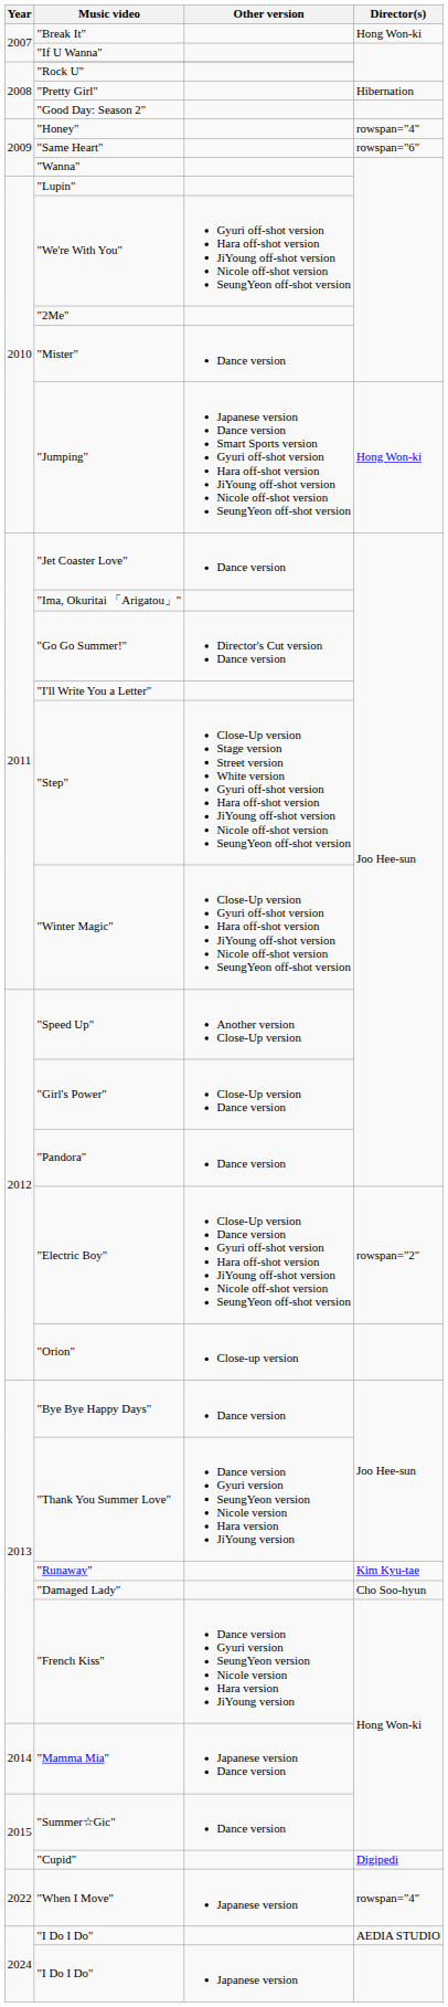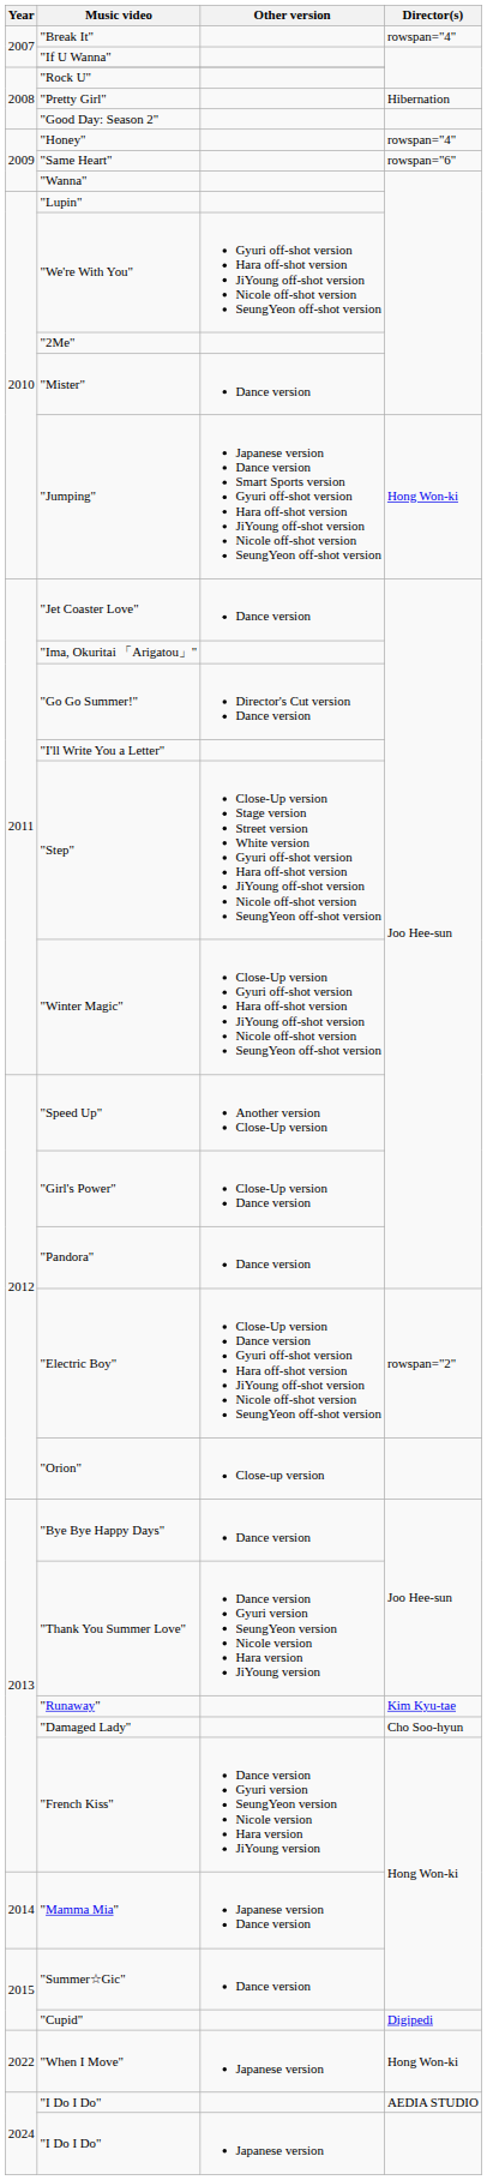 <table class="wikitable">
 <tr>
 <th>Year</th>
 <th>Music video</th>
 <th>Other version</th>
 <th>Director(s)</th>
 </tr>
 <tr>
 <td rowspan="2">2007</td>
 <td>"Break It"</td>
 <td></td>
-<td>Hong Won-ki</td>
+<td>rowspan="4" </td>
 </tr>
 <tr>
 <td>"If U Wanna"</td>
 <td></td>
 </tr>
 <tr>
 <td rowspan="4">2008</td>
 </tr>
 <tr>
 <td>"Rock U"</td>
 <td></td>
 </tr>
 <tr>
 <td>"Pretty Girl"</td>
 <td></td>
 <td>Hibernation</td>
 </tr>
 <tr>
 <td>"Good Day: Season 2"</td>
 <td></td>
 <td></td>
 </tr>
 <tr>
 <td rowspan="3">2009</td>
 <td>"Honey"</td>
 <td></td>
 <td>rowspan="4" </td>
 </tr>
 <tr>
 <td>"Same Heart"</td>
 <td></td>
 <td>rowspan="6" </td>
 </tr>
 <tr>
 <td>"Wanna"</td>
 <td></td>
 </tr>
 <tr>
 <td rowspan="5">2010</td>
 <td>"Lupin"</td>
 <td></td>
 </tr>
 <tr>
 <td>"We're With You"</td>
 <td><br><ul><li>Gyuri off-shot version</li><li>Hara off-shot version</li><li>JiYoung off-shot version</li><li>Nicole off-shot version</li><li>SeungYeon off-shot version</li></ul></td>
 </tr>
 <tr>
 <td>"2Me"</td>
 <td></td>
 </tr>
 <tr>
 <td>"Mister"</td>
 <td><br><ul><li>Dance version</li></ul></td>
 </tr>
 <tr>
 <td>"Jumping"</td>
 <td><br><ul><li>Japanese version</li><li>Dance version</li><li>Smart Sports version</li><li>Gyuri off-shot version</li><li>Hara off-shot version</li><li>JiYoung off-shot version</li><li>Nicole off-shot version</li><li>SeungYeon off-shot version</li></ul></td>
 <td><a href='#'>Hong Won-ki</a></td>
 </tr>
 <tr>
 <td rowspan="6">2011</td>
 <td>"Jet Coaster Love"</td>
 <td><br><ul><li>Dance version</li></ul></td>
 <td rowspan="9">Joo Hee-sun</td>
 </tr>
 <tr>
 <td>"Ima, Okuritai 「Arigatou」"</td>
 <td></td>
 </tr>
 <tr>
 <td>"Go Go Summer!"</td>
 <td><br><ul><li>Director's Cut version</li><li>Dance version</li></ul></td>
 </tr>
 <tr>
 <td>"I'll Write You a Letter"</td>
 <td></td>
 </tr>
 <tr>
 <td>"Step"</td>
 <td><br><ul><li>Close-Up version</li><li>Stage version</li><li>Street version</li><li>White version</li><li>Gyuri off-shot version</li><li>Hara off-shot version</li><li>JiYoung off-shot version</li><li>Nicole off-shot version</li><li>SeungYeon off-shot version</li></ul></td>
 </tr>
 <tr>
 <td>"Winter Magic"</td>
 <td><br><ul><li>Close-Up version</li><li>Gyuri off-shot version</li><li>Hara off-shot version</li><li>JiYoung off-shot version</li><li>Nicole off-shot version</li><li>SeungYeon off-shot version</li></ul></td>
 </tr>
 <tr>
 <td rowspan="5">2012</td>
 <td>"Speed Up"</td>
 <td><br><ul><li>Another version</li><li>Close-Up version</li></ul></td>
 </tr>
 <tr>
 <td>"Girl's Power"</td>
 <td><br><ul><li>Close-Up version</li><li>Dance version</li></ul></td>
 </tr>
 <tr>
 <td>"Pandora"</td>
 <td><br><ul><li>Dance version</li></ul></td>
 </tr>
 <tr>
 <td>"Electric Boy"</td>
 <td><br><ul><li>Close-Up version</li><li>Dance version</li><li>Gyuri off-shot version</li><li>Hara off-shot version</li><li>JiYoung off-shot version</li><li>Nicole off-shot version</li><li>SeungYeon off-shot version</li></ul></td>
 <td>rowspan="2" </td>
 </tr>
 <tr>
 <td>"Orion"</td>
 <td><br><ul><li>Close-up version</li></ul></td>
 </tr>
 <tr>
 <td rowspan="5">2013</td>
 <td>"Bye Bye Happy Days"</td>
 <td><br><ul><li>Dance version</li></ul></td>
 <td rowspan="2">Joo Hee-sun</td>
 </tr>
 <tr>
 <td>"Thank You Summer Love"</td>
 <td><br><ul><li>Dance version</li><li>Gyuri version</li><li>SeungYeon version</li><li>Nicole version</li><li>Hara version</li><li>JiYoung version</li></ul></td>
 </tr>
 <tr>
 <td>"<a href='#'>Runaway</a>"</td>
 <td></td>
 <td><a href='#'>Kim Kyu-tae</a></td>
 </tr>
 <tr>
 <td>"Damaged Lady"</td>
 <td></td>
 <td>Cho Soo-hyun</td>
 </tr>
 <tr>
 <td>"French Kiss"</td>
 <td><br><ul><li>Dance version</li><li>Gyuri version</li><li>SeungYeon version</li><li>Nicole version</li><li>Hara version</li><li>JiYoung version</li></ul></td>
 <td rowspan="3">Hong Won-ki</td>
 </tr>
 <tr>
 <td rowspan="1">2014</td>
 <td>"<a href='#'>Mamma Mia</a>"</td>
 <td><br><ul><li>Japanese version</li><li>Dance version</li></ul></td>
 </tr>
 <tr>
 <td rowspan="2">2015</td>
 <td>"Summer☆Gic"</td>
 <td><br><ul><li>Dance version</li></ul></td>
 </tr>
 <tr>
 <td>"Cupid"</td>
 <td></td>
 <td><a href='#'>Digipedi</a></td>
 </tr>
 <tr>
 <td>2022</td>
 <td>"When I Move"</td>
 <td><br><ul><li>Japanese version</li></ul></td>
-<td>rowspan="4" </td>
+<td>Hong Won-ki</td>
 </tr>
 <tr>
 <td rowspan="2">2024</td>
 <td>"I Do I Do"</td>
 <td></td>
 <td>AEDIA STUDIO</td>
 </tr>
 <tr>
 <td>"I Do I Do"</td>
 <td><br><ul><li>Japanese version</li></ul></td>
 <td></td>
 </tr>
 </table>
